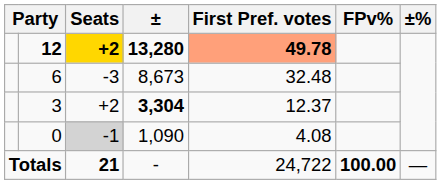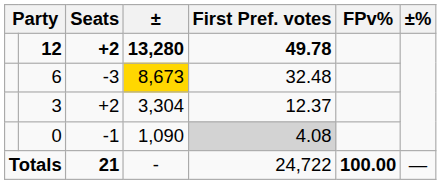 <table class=wikitable>
 <tr>
 <th colspan=2 align=center>Party</th>
 <th valign=top>Seats</th>
 <th valign=top>±</th>
 <th valign=top>First Pref. votes</th>
 <th valign=top>FPv%</th>
 <th valign=top>±%</th>
 </tr>
 <tr>
 <td></td>
 <td align=right><strong>12</strong></td>
-<td align=right style="background: gold;"><strong>+2</strong></td>
+<td align=right><strong>+2</strong></td>
 <td align=right><strong>13,280</strong></td>
-<td align=right style="background: lightsalmon;"><strong>49.78</strong></td>
+<td align=right><strong>49.78</strong></td>
 <td align=right></td>
 </tr>
 <tr>
 <td></td>
 <td align=right>6</td>
 <td align=right>-3</td>
-<td align=right>8,673</td>
+<td align=right style="background: gold;">8,673</td>
 <td align=right>32.48</td>
 <td align=right></td>
 </tr>
 <tr>
 <td></td>
 <td align=right>3</td>
 <td align=right>+2</td>
-<td align=right><strong>3,304</strong></td>
+<td align=right>3,304</td>
 <td align=right>12.37</td>
 <td align=right></td>
 </tr>
 <tr>
 <td></td>
 <td align=right>0</td>
-<td align=right style="background: lightgrey;">-1</td>
+<td align=right>-1</td>
 <td align=right>1,090</td>
-<td align=right>4.08</td>
+<td align=right style="background: lightgrey;">4.08</td>
 <td align=right></td>
 </tr>
 <tr>
 <td colspan=2 align=center><strong>Totals</strong></td>
 <td align=right><strong>21</strong></td>
 <td align=center>-</td>
 <td align=right>24,722</td>
 <td align=center><strong>100.00</strong></td>
 <td align=center>—</td>
 </tr>
 </table>
